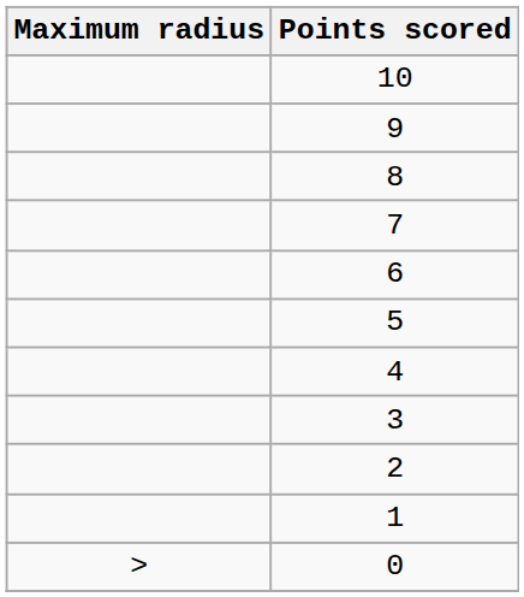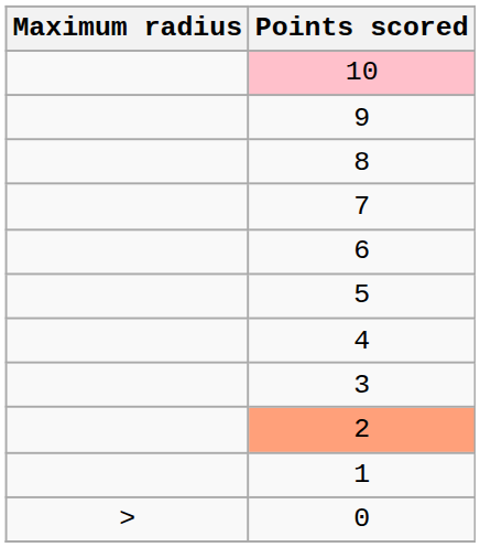 <table class="wikitable"  style="text-align:center; margin: 0.9em 0em 0.36em 1.5em;" align="right">
 <tr>
 <th>Maximum radius</th>
 <th>Points scored</th>
 </tr>
 <tr>
 <td></td>
-<td>10</td>
+<td style="background: pink;">10</td>
 </tr>
 <tr>
 <td></td>
 <td>9</td>
 </tr>
 <tr>
 <td></td>
 <td>8</td>
 </tr>
 <tr>
 <td></td>
 <td>7</td>
 </tr>
 <tr>
 <td></td>
 <td>6</td>
 </tr>
 <tr>
 <td></td>
 <td>5</td>
 </tr>
 <tr>
 <td></td>
 <td>4</td>
 </tr>
 <tr>
 <td></td>
 <td>3</td>
 </tr>
 <tr>
 <td></td>
-<td>2</td>
+<td style="background: lightsalmon;">2</td>
 </tr>
 <tr>
 <td></td>
 <td>1</td>
 </tr>
 <tr>
 <td>> </td>
 <td>0</td>
 </tr>
 <tr>
 </tr>
 </table>
